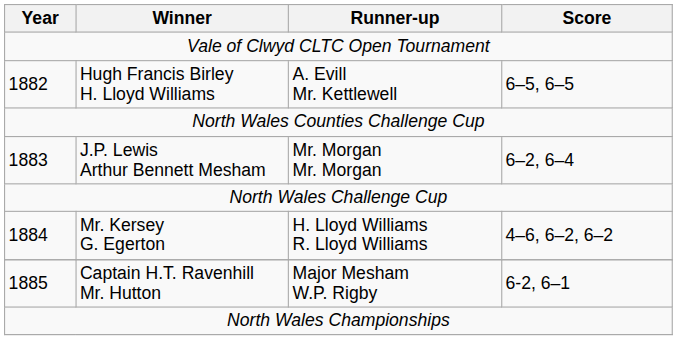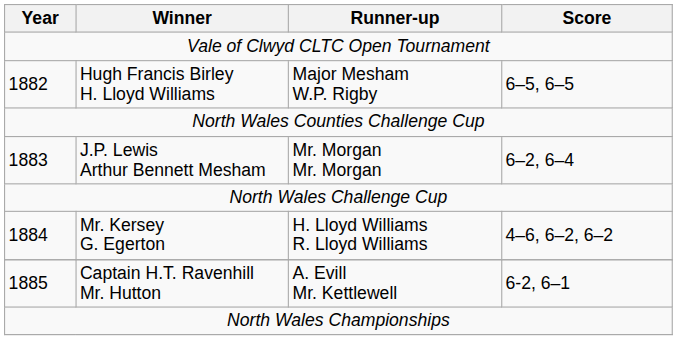 <table class="wikitable">
 <tr>
 <th style="width:60px;">Year</th>
 <th style="width:200px;">Winner</th>
 <th style="width:200px;">Runner-up</th>
 <th style="width:160px;">Score</th>
 </tr>
 <tr>
 <td colspan=4 align=center><em>Vale of Clwyd CLTC Open Tournament</em></td>
 </tr>
 <tr>
 <td>1882</td>
 <td> Hugh Francis Birley<br> H. Lloyd Williams</td>
-<td> A. Evill<br> Mr. Kettlewell</td>
+<td> Major Mesham<br> W.P. Rigby</td>
 <td>6–5, 6–5</td>
 </tr>
 <tr>
 <td colspan=4 align=center><em>North Wales Counties Challenge Cup</em></td>
 </tr>
 <tr>
 <td>1883</td>
 <td> J.P. Lewis<br> Arthur Bennett Mesham</td>
 <td> Mr. Morgan<br> Mr. Morgan</td>
 <td>6–2, 6–4</td>
 </tr>
 <tr>
 <td colspan=4 align=center><em>North Wales Challenge Cup</em></td>
 </tr>
 <tr>
 <td>1884</td>
 <td> Mr. Kersey<br> G. Egerton</td>
 <td> H. Lloyd Williams<br>R. Lloyd Williams</td>
 <td>4–6, 6–2, 6–2</td>
 </tr>
 <tr>
 </tr>
 <tr>
 <td>1885</td>
 <td> Captain H.T. Ravenhill<br> Mr. Hutton</td>
-<td> Major Mesham<br> W.P. Rigby</td>
+<td> A. Evill<br> Mr. Kettlewell</td>
 <td>6-2, 6–1</td>
 </tr>
 <tr>
 <td colspan=4 align=center><em>North Wales Championships</em></td>
 </tr>
 <tr>
 </tr>
 </table>
